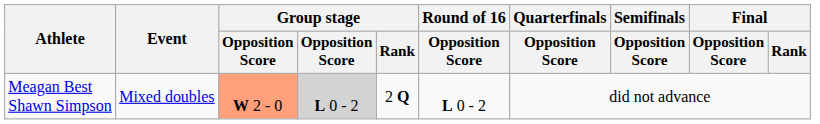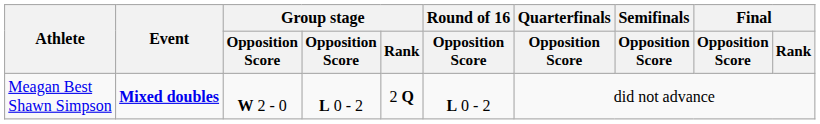 <table class=wikitable style="font-size:90%">
 <tr>
 <th rowspan=2>Athlete</th>
 <th rowspan=2>Event</th>
 <th colspan=3>Group stage</th>
 <th>Round of 16</th>
 <th>Quarterfinals</th>
 <th>Semifinals</th>
 <th colspan=2>Final</th>
 </tr>
 <tr style="font-size:95%">
 <th>Opposition<br>Score</th>
 <th>Opposition<br>Score</th>
 <th>Rank</th>
 <th>Opposition<br>Score</th>
 <th>Opposition<br>Score</th>
 <th>Opposition<br>Score</th>
 <th>Opposition<br>Score</th>
 <th>Rank</th>
 </tr>
 <tr align=center>
 <td align=left><a href='#'>Meagan Best</a><br><a href='#'>Shawn Simpson</a></td>
-<td align=left><a href='#'>Mixed doubles</a></td>
-<td style="background: lightsalmon;"><br><strong>W</strong> 2 - 0</td>
-<td style="background: lightgrey;"><br><strong>L</strong> 0 - 2</td>
+<td align=left><strong><a href='#'>Mixed doubles</a></strong></td>
+<td><br><strong>W</strong> 2 - 0</td>
+<td><br><strong>L</strong> 0 - 2</td>
 <td>2 <strong>Q</strong></td>
 <td><br><strong>L</strong> 0 - 2</td>
 <td colspan=4>did not advance</td>
 </tr>
 </table>
